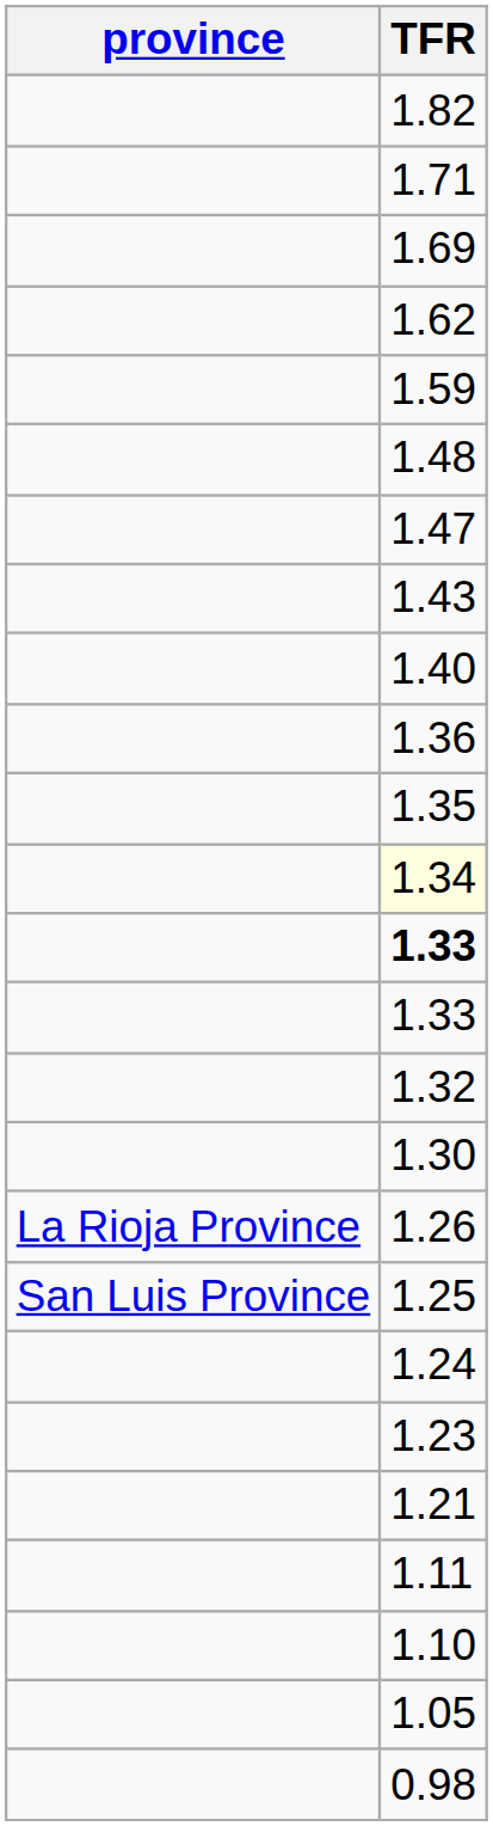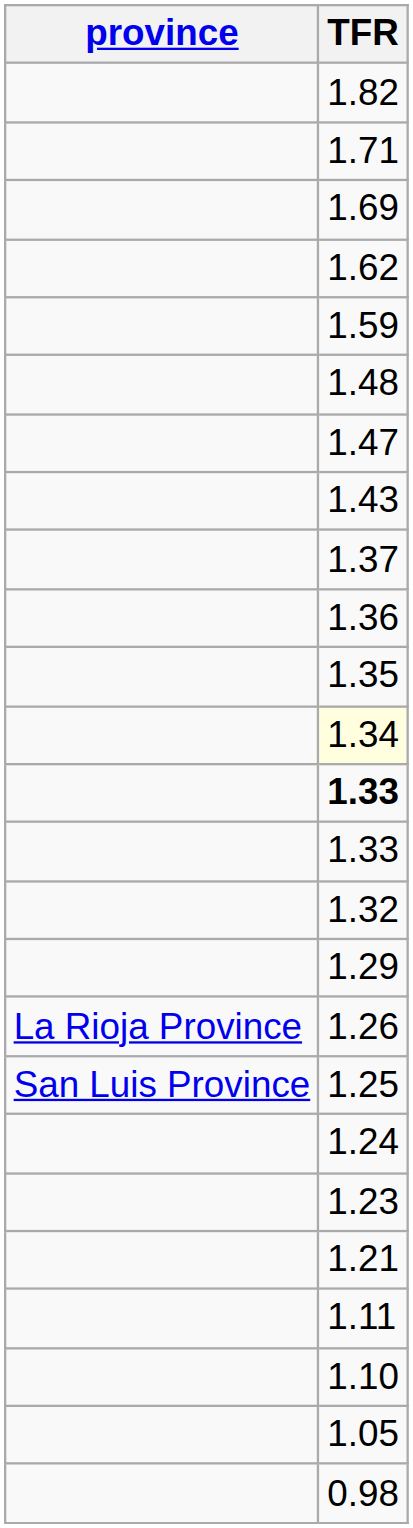 <table class="wikitable sortable">
 <tr>
 <th><a href='#'>province</a></th>
 <th>TFR</th>
 </tr>
 <tr>
 <td></td>
 <td>1.82</td>
 </tr>
 <tr>
 <td></td>
 <td>1.71</td>
 </tr>
 <tr>
 <td></td>
 <td>1.69</td>
 </tr>
 <tr>
 <td></td>
 <td>1.62</td>
 </tr>
 <tr>
 <td></td>
 <td>1.59</td>
 </tr>
 <tr>
 <td></td>
 <td>1.48</td>
 </tr>
 <tr>
 <td></td>
 <td>1.47</td>
 </tr>
 <tr>
 <td></td>
 <td>1.43</td>
 </tr>
 <tr>
 <td></td>
-<td>1.40</td>
+<td>1.37</td>
 </tr>
 <tr>
 <td></td>
 <td>1.36</td>
 </tr>
 <tr>
 <td></td>
 <td>1.35</td>
 </tr>
 <tr>
 <td></td>
 <td style="background: lightyellow;">1.34</td>
 </tr>
 <tr>
 <td><strong></strong></td>
 <td><strong>1.33</strong></td>
 </tr>
 <tr>
 <td></td>
 <td>1.33</td>
 </tr>
 <tr>
 <td></td>
 <td>1.32</td>
 </tr>
 <tr>
 <td></td>
-<td>1.30</td>
+<td>1.29</td>
 </tr>
 <tr>
 <td> <a href='#'>La Rioja Province</a></td>
 <td>1.26</td>
 </tr>
 <tr>
 <td> <a href='#'>San Luis Province</a></td>
 <td>1.25</td>
 </tr>
 <tr>
 <td></td>
 <td>1.24</td>
 </tr>
 <tr>
 <td></td>
 <td>1.23</td>
 </tr>
 <tr>
 <td></td>
 <td>1.21</td>
 </tr>
 <tr>
 <td></td>
 <td>1.11</td>
 </tr>
 <tr>
 <td></td>
 <td>1.10</td>
 </tr>
 <tr>
 <td></td>
 <td>1.05</td>
 </tr>
 <tr>
 <td></td>
 <td>0.98</td>
 </tr>
 </table>
